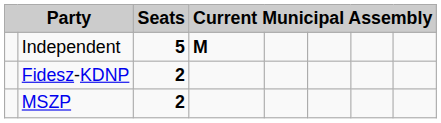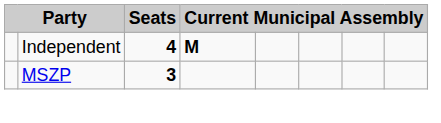 <table class="wikitable">
 <tr>
 <th style="background:#ccc" colspan="2">Party</th>
 <th style="background:#ccc">Seats</th>
 <th style="background:#ccc" colspan="5">Current Municipal Assembly</th>
 </tr>
 <tr>
 <td style="background-color: "> </td>
 <td>Independent</td>
-<td style="text-align: right"><strong>5</strong></td>
+<td style="text-align: right"><strong>4</strong></td>
 <td style="background-color: "><span><strong>M</strong></span></td>
 <td style="background-color: "> </td>
 <td style="background-color: "> </td>
 <td style="background-color: "> </td>
 <td style="background-color: "> </td>
 </tr>
 <tr>
 <td style="background-color: "> </td>
-<td><a href='#'>Fidesz</a>-<a href='#'>KDNP</a></td>
-<td style="text-align: right"><strong>2</strong></td>
-<td style="background-color: "> </td>
-<td style="background-color: "> </td>
-<td> </td>
-<td> </td>
-<td> </td>
-</tr>
-<tr>
-<td style="background-color: "> </td>
 <td><a href='#'>MSZP</a></td>
-<td style="text-align: right"><strong>2</strong></td>
+<td style="text-align: right"><strong>3</strong></td>
 <td style="background-color: "> </td>
 <td style="background-color: "> </td>
 <td> </td>
 <td> </td>
 <td> </td>
 </tr>
 </table>
